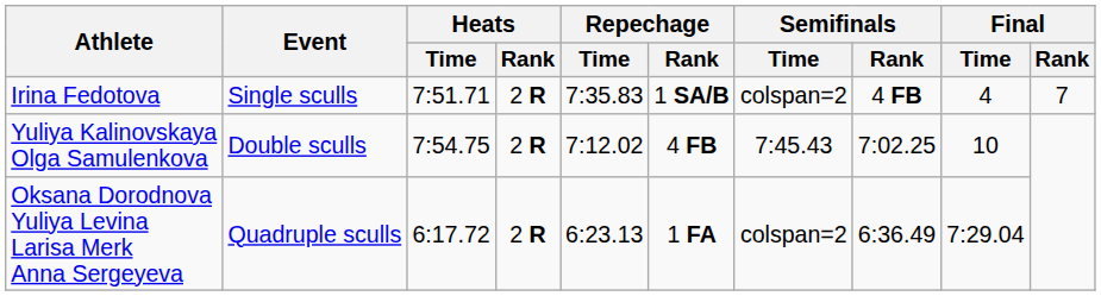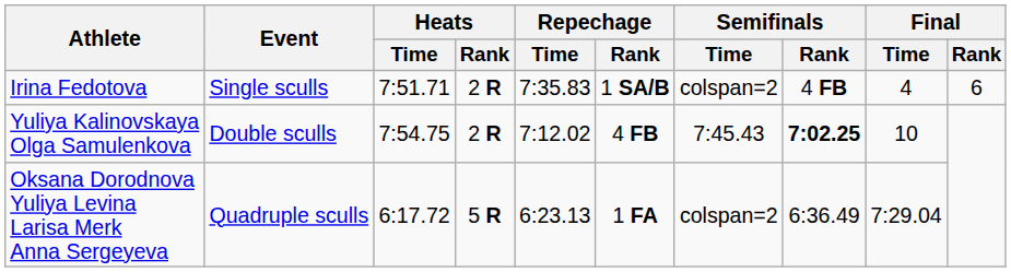 <table class="wikitable" style="font-size:90%;">
 <tr>
 <th rowspan="2">Athlete</th>
 <th rowspan="2">Event</th>
 <th colspan="2">Heats</th>
 <th colspan="2">Repechage</th>
 <th colspan="2">Semifinals</th>
 <th colspan="2">Final</th>
 </tr>
 <tr style="font-size:95%">
 <th>Time</th>
 <th>Rank</th>
 <th>Time</th>
 <th>Rank</th>
 <th>Time</th>
 <th>Rank</th>
 <th>Time</th>
 <th>Rank</th>
 </tr>
 <tr align=center>
 <td align=left><a href='#'>Irina Fedotova</a></td>
 <td align=left><a href='#'>Single sculls</a></td>
 <td>7:51.71</td>
 <td>2 <strong>R</strong></td>
 <td>7:35.83</td>
 <td>1 <strong>SA/B</strong></td>
 <td>colspan=2 </td>
 <td>4 <strong>FB</strong></td>
 <td>4</td>
-<td>7</td>
+<td>6</td>
 </tr>
 <tr align=center>
 <td align=left><a href='#'>Yuliya Kalinovskaya</a><br><a href='#'>Olga Samulenkova</a></td>
 <td align=left><a href='#'>Double sculls</a></td>
 <td>7:54.75</td>
 <td>2 <strong>R</strong></td>
 <td>7:12.02</td>
 <td>4 <strong>FB</strong></td>
 <td>7:45.43</td>
-<td>7:02.25</td>
+<td><strong>7:02.25</strong></td>
 <td>10</td>
 </tr>
 <tr align=center>
 <td align=left><a href='#'>Oksana Dorodnova</a><br><a href='#'>Yuliya Levina</a><br><a href='#'>Larisa Merk</a><br><a href='#'>Anna Sergeyeva</a></td>
 <td align=left><a href='#'>Quadruple sculls</a></td>
 <td>6:17.72</td>
-<td>2 <strong>R</strong></td>
+<td>5 <strong>R</strong></td>
 <td>6:23.13</td>
 <td>1 <strong>FA</strong></td>
 <td>colspan=2 </td>
 <td>6:36.49</td>
 <td>7:29.04</td>
 </tr>
 </table>
